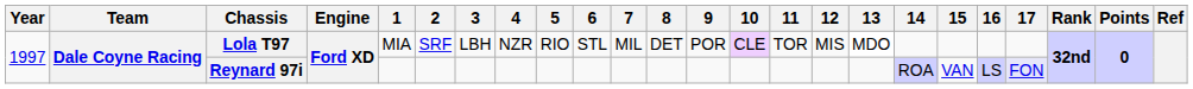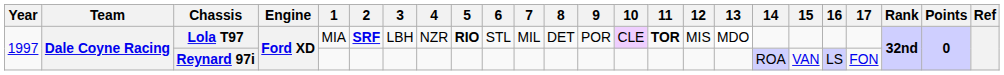 <table class="wikitable" style="text-align:center; font-size:95%">
 <tr>
 <th>Year</th>
 <th>Team</th>
 <th>Chassis</th>
 <th>Engine</th>
 <th>1</th>
 <th>2</th>
 <th>3</th>
 <th>4</th>
 <th>5</th>
 <th>6</th>
 <th>7</th>
 <th>8</th>
 <th>9</th>
 <th>10</th>
 <th>11</th>
 <th>12</th>
 <th>13</th>
 <th>14</th>
 <th>15</th>
 <th>16</th>
 <th>17</th>
 <th>Rank</th>
 <th>Points</th>
 <th>Ref</th>
 </tr>
 <tr>
 <td rowspan="2"><a href='#'>1997</a></td>
 <th rowspan="2"><a href='#'>Dale Coyne Racing</a></th>
 <th><a href='#'>Lola</a> T97</th>
 <th rowspan="2"><a href='#'>Ford</a> XD</th>
 <td>MIA</td>
-<td><a href='#'>SRF</a></td>
+<td><strong><a href='#'>SRF</a></strong></td>
 <td>LBH</td>
 <td>NZR</td>
-<td>RIO</td>
+<td><strong>RIO</strong></td>
 <td>STL</td>
 <td>MIL</td>
 <td>DET</td>
 <td>POR</td>
 <td style="background:#EFCFFF;">CLE<br></td>
-<td>TOR</td>
+<td><strong>TOR</strong></td>
 <td>MIS</td>
 <td style="background:#FFFFFF;">MDO<br></td>
 <td></td>
 <td></td>
 <td></td>
 <td></td>
 <td rowspan="2" style="background:#CFCFFF;"><strong>32nd</strong></td>
 <td rowspan="2" style="background:#CFCFFF;"><strong>0</strong></td>
 <th rowspan=2></th>
 </tr>
 <tr>
 <th><a href='#'>Reynard</a> 97i</th>
 <td></td>
 <td></td>
 <td></td>
 <td></td>
 <td></td>
 <td></td>
 <td></td>
 <td></td>
 <td></td>
 <td></td>
 <td></td>
 <td></td>
 <td></td>
 <td style="background:#CFCFFF;">ROA<br></td>
 <td><a href='#'>VAN</a></td>
 <td style="background:#CFCFFF;">LS<br></td>
-<td style="background: lavender;"><a href='#'>FON</a></td>
+<td><a href='#'>FON</a></td>
 </tr>
 </table>
